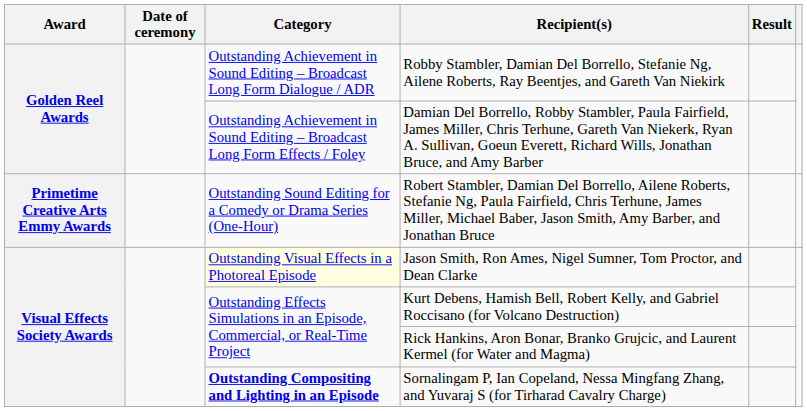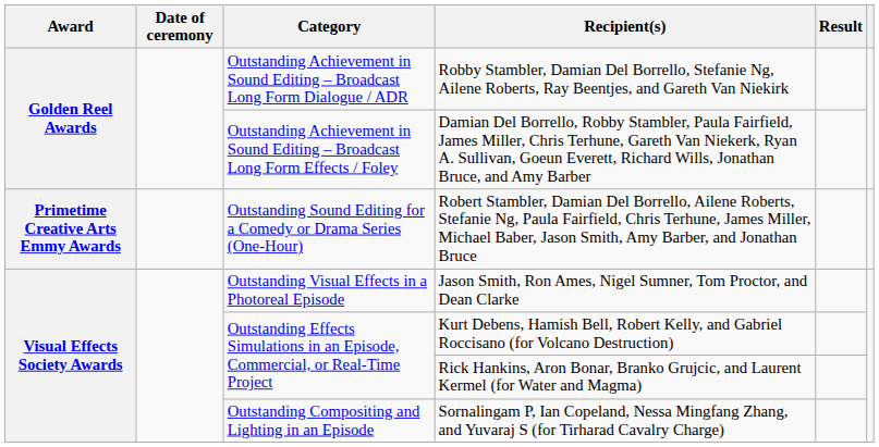 <table class="wikitable sortable plainrowheaders">
 <tr>
 <th scope="col">Award</th>
 <th scope="col">Date of ceremony</th>
 <th scope="col">Category</th>
 <th scope="col">Recipient(s)</th>
 <th scope="col">Result</th>
 <th scope="col" class="unsortable"></th>
 </tr>
 <tr>
 <th scope="row" rowspan="2" style="text-align:center;"><a href='#'>Golden Reel Awards</a></th>
 <td rowspan="2"><a href='#'></a></td>
 <td><a href='#'>Outstanding Achievement in Sound Editing – Broadcast Long Form Dialogue / ADR</a></td>
 <td>Robby Stambler, Damian Del Borrello, Stefanie Ng, Ailene Roberts, Ray Beentjes, and Gareth Van Niekirk</td>
 <td></td>
 <td rowspan="2" style="text-align:center"></td>
 </tr>
 <tr>
 <td><a href='#'>Outstanding Achievement in Sound Editing – Broadcast Long Form Effects / Foley</a></td>
 <td>Damian Del Borrello, Robby Stambler, Paula Fairfield, James Miller, Chris Terhune, Gareth Van Niekerk, Ryan A. Sullivan, Goeun Everett, Richard Wills, Jonathan Bruce, and Amy Barber</td>
 <td></td>
 </tr>
 <tr>
 <th scope="row" style="text-align:center;"><a href='#'>Primetime Creative Arts Emmy Awards</a></th>
 <td><a href='#'></a></td>
 <td><a href='#'>Outstanding Sound Editing for a Comedy or Drama Series (One-Hour)</a></td>
 <td>Robert Stambler, Damian Del Borrello, Ailene Roberts, Stefanie Ng, Paula Fairfield, Chris Terhune, James Miller, Michael Baber, Jason Smith, Amy Barber, and Jonathan Bruce</td>
 <td></td>
 <td style="text-align:center"></td>
 </tr>
 <tr>
 <th scope="row" rowspan="4" style="text-align:center;"><a href='#'>Visual Effects Society Awards</a></th>
 <td rowspan="4"><a href='#'></a></td>
-<td style="background: lightyellow;"><a href='#'>Outstanding Visual Effects in a Photoreal Episode</a></td>
+<td><a href='#'>Outstanding Visual Effects in a Photoreal Episode</a></td>
 <td>Jason Smith, Ron Ames, Nigel Sumner, Tom Proctor, and Dean Clarke</td>
 <td></td>
 <td rowspan="4" style="text-align:center"></td>
 </tr>
 <tr>
 <td rowspan="2"><a href='#'>Outstanding Effects Simulations in an Episode, Commercial, or Real-Time Project</a></td>
 <td>Kurt Debens, Hamish Bell, Robert Kelly, and Gabriel Roccisano (for Volcano Destruction)</td>
 <td></td>
 </tr>
 <tr>
 <td>Rick Hankins, Aron Bonar, Branko Grujcic, and Laurent Kermel (for Water and Magma)</td>
 <td></td>
 </tr>
 <tr>
-<td><strong><a href='#'>Outstanding Compositing and Lighting in an Episode</a></strong></td>
+<td><a href='#'>Outstanding Compositing and Lighting in an Episode</a></td>
 <td>Sornalingam P, Ian Copeland, Nessa Mingfang Zhang, and Yuvaraj S (for Tirharad Cavalry Charge)</td>
 <td></td>
 </tr>
 </table>
